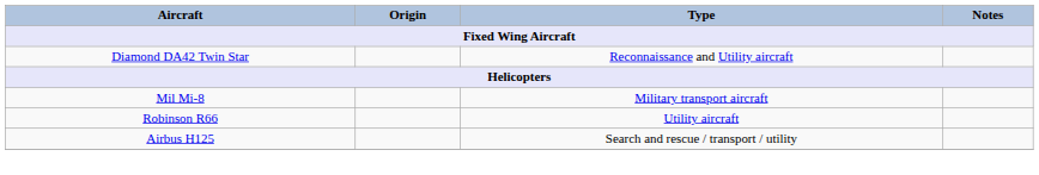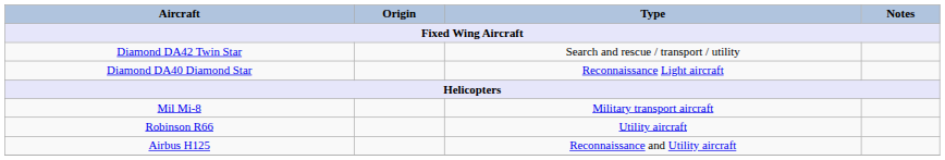 <table class="wikitable" style="width:100%; text-align:center">
 <tr>
 <th style="text-align: center; background: lightsteelblue;">Aircraft</th>
 <th style="text-align: center; background: lightsteelblue;">Origin</th>
 <th style="text-align: center; background: lightsteelblue;">Type</th>
 <th style="text-align: center; background: lightsteelblue;">Notes</th>
 </tr>
 <tr>
 <th style="align: center; background: lavender;" colspan="4">Fixed Wing Aircraft</th>
 </tr>
 <tr>
 <td><a href='#'>Diamond DA42 Twin Star</a></td>
 <td></td>
-<td><a href='#'>Reconnaissance</a> and <a href='#'>Utility aircraft</a></td>
+<td>Search and rescue / transport / utility</td>
+<td></td>
+</tr>
+<tr>
+<td><a href='#'>Diamond DA40 Diamond Star</a></td>
+<td></td>
+<td><a href='#'>Reconnaissance</a> <a href='#'>Light aircraft</a></td>
 <td></td>
 </tr>
 <tr>
 <th style="align: center; background: lavender;" colspan="4">Helicopters</th>
 </tr>
 <tr>
 <td><a href='#'>Mil Mi-8</a></td>
 <td></td>
 <td><a href='#'>Military transport aircraft</a></td>
 <td></td>
 </tr>
 <tr>
 <td><a href='#'>Robinson R66</a></td>
 <td></td>
 <td><a href='#'>Utility aircraft</a></td>
 <td></td>
 </tr>
 <tr>
 <td><a href='#'>Airbus H125</a></td>
 <td></td>
-<td>Search and rescue / transport / utility</td>
+<td><a href='#'>Reconnaissance</a> and <a href='#'>Utility aircraft</a></td>
 <td></td>
 </tr>
 <tr>
 </tr>
 </table>
